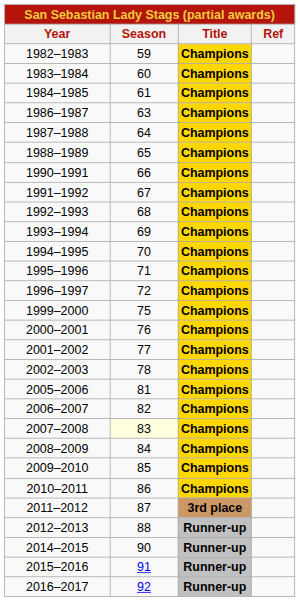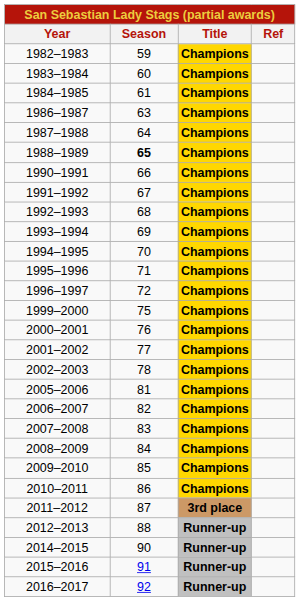 <table class="wikitable sortable" style="font-size:95%; text-align:left;">
 <tr>
 <th colspan="4" style= "background: #b5140a; color: #eccd3e; text-align: center"><strong>San Sebastian Lady Stags (partial awards)</strong></th>
 </tr>
 <tr style="background: white; color: #b5140a">
 <th style= "align=center;width:8em;">Year</th>
 <th style= "align=center;width:5em;">Season</th>
 <th style= "align=center; width:5em;">Title</th>
 <th style= "align=center; width:3em;">Ref</th>
 </tr>
 <tr align=center>
 <td>1982–1983</td>
 <td>59</td>
 <td style="background:gold;"><strong>Champions</strong></td>
 <td></td>
 </tr>
 <tr align=center>
 <td>1983–1984</td>
 <td>60</td>
 <td style="background:gold;"><strong>Champions</strong></td>
 <td></td>
 </tr>
 <tr align=center>
 <td>1984–1985</td>
 <td>61</td>
 <td style="background:gold;"><strong>Champions</strong></td>
 <td></td>
 </tr>
 <tr align=center>
 <td>1986–1987</td>
 <td>63</td>
 <td style="background:gold;"><strong>Champions</strong></td>
 <td></td>
 </tr>
 <tr align=center>
 <td>1987–1988</td>
 <td>64</td>
 <td style="background:gold;"><strong>Champions</strong></td>
 <td></td>
 </tr>
 <tr align=center>
 <td>1988–1989</td>
-<td>65</td>
+<td><strong>65</strong></td>
 <td style="background:gold;"><strong>Champions</strong></td>
 <td></td>
 </tr>
 <tr align=center>
 <td>1990–1991</td>
 <td>66</td>
 <td style="background:gold;"><strong>Champions</strong></td>
 <td></td>
 </tr>
 <tr align=center>
 <td>1991–1992</td>
 <td>67</td>
 <td style="background:gold;"><strong>Champions</strong></td>
 <td></td>
 </tr>
 <tr align=center>
 <td>1992–1993</td>
 <td>68</td>
 <td style="background:gold;"><strong>Champions</strong></td>
 <td></td>
 </tr>
 <tr align=center>
 <td>1993–1994</td>
 <td>69</td>
 <td style="background:gold;"><strong>Champions</strong></td>
 <td></td>
 </tr>
 <tr align=center>
 <td>1994–1995</td>
 <td>70</td>
 <td style="background:gold;"><strong>Champions</strong></td>
 <td></td>
 </tr>
 <tr align=center>
 <td>1995–1996</td>
 <td>71</td>
 <td style="background:gold;"><strong>Champions</strong></td>
 <td></td>
 </tr>
 <tr align=center>
 <td>1996–1997</td>
 <td>72</td>
 <td style="background:gold;"><strong>Champions</strong></td>
 <td></td>
 </tr>
 <tr align=center>
 <td>1999–2000</td>
 <td>75</td>
 <td style="background:gold;"><strong>Champions</strong></td>
 <td></td>
 </tr>
 <tr align=center>
 <td>2000–2001</td>
 <td>76</td>
 <td style="background:gold;"><strong>Champions</strong></td>
 <td></td>
 </tr>
 <tr align=center>
 <td>2001–2002</td>
 <td>77</td>
 <td style="background:gold;"><strong>Champions</strong></td>
 <td></td>
 </tr>
 <tr align=center>
 <td>2002–2003</td>
 <td>78</td>
 <td style="background:gold;"><strong>Champions</strong></td>
 <td></td>
 </tr>
 <tr align=center>
 <td>2005–2006</td>
 <td>81</td>
 <td style="background:gold;"><strong>Champions</strong></td>
 <td></td>
 </tr>
 <tr align=center>
 <td>2006–2007</td>
 <td>82</td>
 <td style="background:gold;"><strong>Champions</strong></td>
 <td></td>
 </tr>
 <tr align=center>
 <td>2007–2008</td>
-<td style="background: lightyellow;">83</td>
+<td>83</td>
 <td style="background:gold;"><strong>Champions</strong></td>
 <td></td>
 </tr>
 <tr align=center>
 <td>2008–2009</td>
 <td>84</td>
 <td style="background:gold;"><strong>Champions</strong></td>
 <td></td>
 </tr>
 <tr align=center>
 <td>2009–2010</td>
 <td>85</td>
 <td style="background:gold;"><strong>Champions</strong></td>
 <td></td>
 </tr>
 <tr align=center>
 <td>2010–2011</td>
 <td>86</td>
 <td style="background:gold;"><strong>Champions</strong></td>
 <td></td>
 </tr>
 <tr align=center>
 <td>2011–2012</td>
 <td>87</td>
 <td style="background: #c96;"><strong>3rd place</strong></td>
 <td></td>
 </tr>
 <tr align=center>
 <td>2012–2013</td>
 <td>88</td>
 <td style="background: silver;"><strong>Runner-up</strong></td>
 <td></td>
 </tr>
 <tr align=center>
 <td>2014–2015</td>
 <td>90</td>
 <td style="background: silver;"><strong>Runner-up</strong></td>
 <td></td>
 </tr>
 <tr align=center>
 <td>2015–2016</td>
 <td><a href='#'>91</a></td>
 <td style="background: silver;"><strong>Runner-up</strong></td>
 <td></td>
 </tr>
 <tr align=center>
 <td>2016–2017</td>
 <td><a href='#'>92</a></td>
 <td style="background: silver;"><strong>Runner-up</strong></td>
 <td></td>
 </tr>
 </table>
